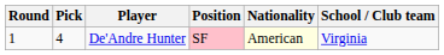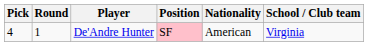 <table class="wikitable sortable sortable">
 <tr>
+<th>Pick</th>
 <th>Round</th>
-<th>Pick</th>
 <th>Player</th>
 <th>Position</th>
 <th>Nationality</th>
 <th>School / Club team</th>
 </tr>
 <tr>
+<td>4</td>
 <td>1</td>
-<td>4</td>
 <td><a href='#'>De'Andre Hunter</a></td>
 <td style="background: pink;">SF</td>
-<td style="background: lightyellow;">American</td>
+<td>American</td>
 <td><a href='#'>Virginia</a></td>
 </tr>
 </table>
